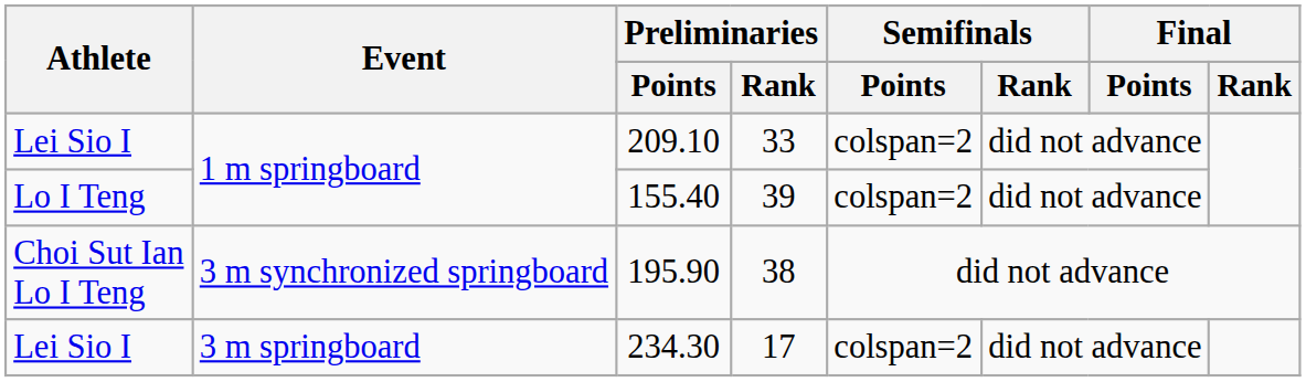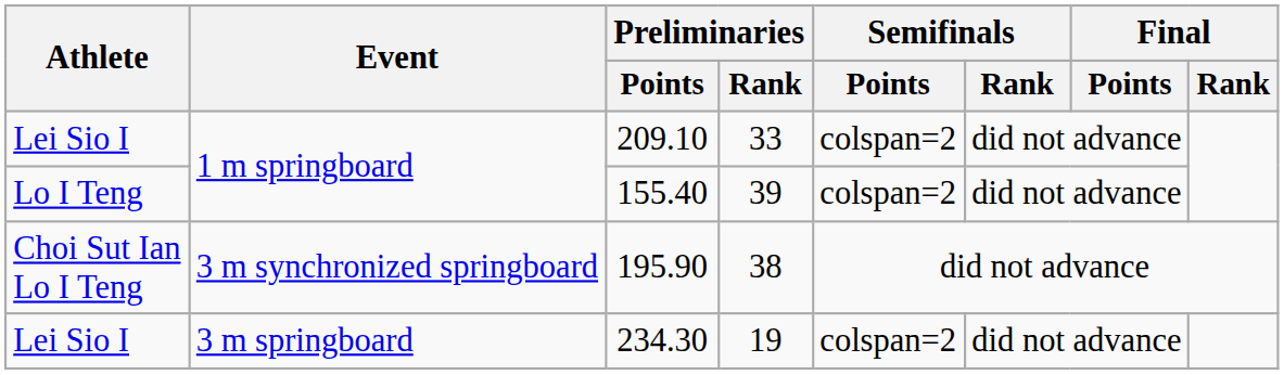 <table class=wikitable style="font-size:90%;">
 <tr>
 <th rowspan="2">Athlete</th>
 <th rowspan="2">Event</th>
 <th colspan="2">Preliminaries</th>
 <th colspan="2">Semifinals</th>
 <th colspan="2">Final</th>
 </tr>
 <tr style="font-size:95%">
 <th>Points</th>
 <th>Rank</th>
 <th>Points</th>
 <th>Rank</th>
 <th>Points</th>
 <th>Rank</th>
 </tr>
 <tr align=center>
 <td align=left><a href='#'>Lei Sio I</a></td>
 <td align=left rowspan=2><a href='#'>1 m springboard</a></td>
 <td>209.10</td>
 <td>33</td>
 <td>colspan=2 </td>
 <td colspan=2>did not advance</td>
 </tr>
 <tr align=center>
 <td align=left><a href='#'>Lo I Teng</a></td>
 <td>155.40</td>
 <td>39</td>
 <td>colspan=2 </td>
 <td colspan=2>did not advance</td>
 </tr>
 <tr align=center>
 <td align=left><a href='#'>Choi Sut Ian</a><br><a href='#'>Lo I Teng</a></td>
 <td align=left><a href='#'>3 m synchronized springboard</a></td>
 <td>195.90</td>
 <td>38</td>
 <td colspan=4>did not advance</td>
 </tr>
 <tr align=center>
 <td align=left><a href='#'>Lei Sio I</a></td>
 <td align=left><a href='#'>3 m springboard</a></td>
 <td>234.30</td>
-<td>17</td>
+<td>19</td>
 <td>colspan=2 </td>
 <td colspan=2>did not advance</td>
 </tr>
 </table>
